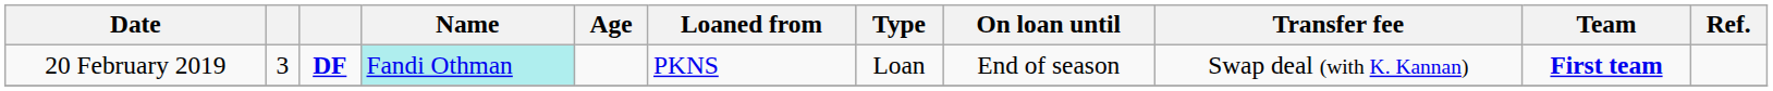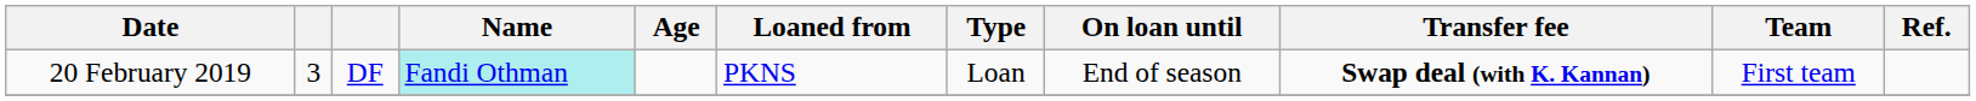 <table class="wikitable sortable" style="width:70%; text-align:center; font-size:100%; text-align:centre;">
 <tr>
 <th>Date</th>
 <th></th>
 <th></th>
 <th>Name</th>
 <th>Age</th>
 <th>Loaned from</th>
 <th>Type</th>
 <th>On loan until</th>
 <th>Transfer fee</th>
 <th>Team</th>
 <th>Ref.</th>
 </tr>
 <tr>
 <td>20 February 2019</td>
 <td>3</td>
-<td><strong><a href='#'>DF</a></strong></td>
+<td><a href='#'>DF</a></td>
 <td style="background: paleturquoise; text-align:left"> <a href='#'>Fandi Othman</a></td>
 <td></td>
 <td style="text-align:left"> <a href='#'>PKNS</a></td>
 <td>Loan</td>
 <td>End of season</td>
-<td>Swap deal <small>(with <a href='#'>K. Kannan</a>)</small></td>
-<td><strong><a href='#'>First team</a></strong></td>
+<td><strong>Swap deal <small>(with <a href='#'>K. Kannan</a>)</small></strong></td>
+<td><a href='#'>First team</a></td>
 <td></td>
 </tr>
 <tr>
 </tr>
 </table>
